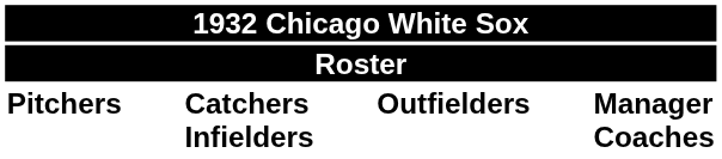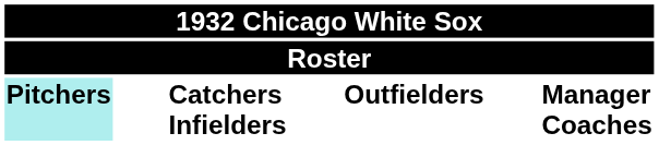 <table class="toccolours" style="font-size: 95%;">
 <tr>
 <th colspan="10" style="background-color: black; color: white; text-align: center;">1932 Chicago White Sox</th>
 </tr>
 <tr>
 <td colspan="10" style="background-color: black; color: white; text-align: center;"><strong>Roster</strong></td>
 </tr>
 <tr>
-<td valign="top"><strong>Pitchers</strong><br>                        </td>
+<td valign="top" style="background: paleturquoise;"><strong>Pitchers</strong><br>                        </td>
 <td width="25px"></td>
 <td valign="top"><strong>Catchers</strong><br>   <strong>Infielders</strong>        </td>
 <td width="25px"></td>
 <td valign="top"><strong>Outfielders</strong><br>             </td>
 <td width="25px"></td>
 <td valign="top"><strong>Manager</strong><br> <strong>Coaches</strong>  </td>
 </tr>
 </table>
